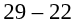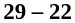 <table style="text-align:center">
 <tr>
 <th width=200></th>
 <th width=100></th>
 <th width=200></th>
 </tr>
 <tr>
 <td align=right><strong></strong></td>
-<td>29 – 22</td>
+<td><strong>29 – 22</strong></td>
 <td align=left></td>
 </tr>
 </table>
